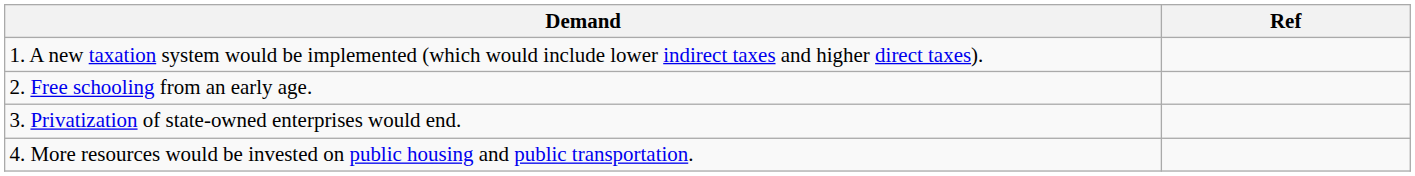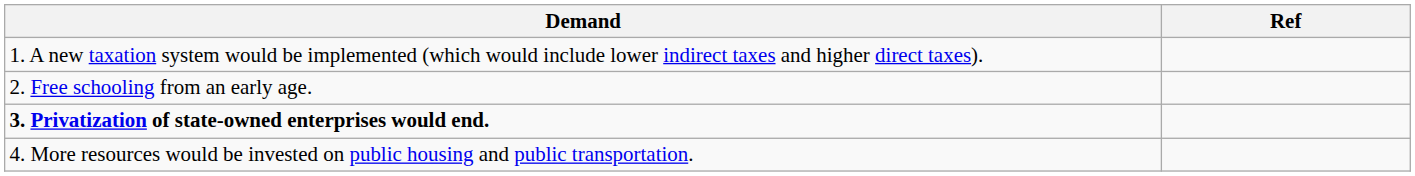 <table class="wikitable">
 <tr>
 <th style="width:70%;">Demand</th>
 <th style="width:15%;">Ref</th>
 </tr>
 <tr>
 <td>1. A new <a href='#'>taxation</a> system would be implemented (which would include lower <a href='#'>indirect taxes</a> and higher <a href='#'>direct taxes</a>).</td>
 <td></td>
 </tr>
 <tr>
 <td>2. <a href='#'>Free schooling</a> from an early age.</td>
 <td></td>
 </tr>
 <tr>
-<td>3. <a href='#'>Privatization</a> of state-owned enterprises would end.</td>
+<td><strong>3. <a href='#'>Privatization</a> of state-owned enterprises would end.</strong></td>
 <td></td>
 </tr>
 <tr>
 <td>4. More resources would be invested on <a href='#'>public housing</a> and <a href='#'>public transportation</a>.</td>
 <td></td>
 </tr>
 </table>
